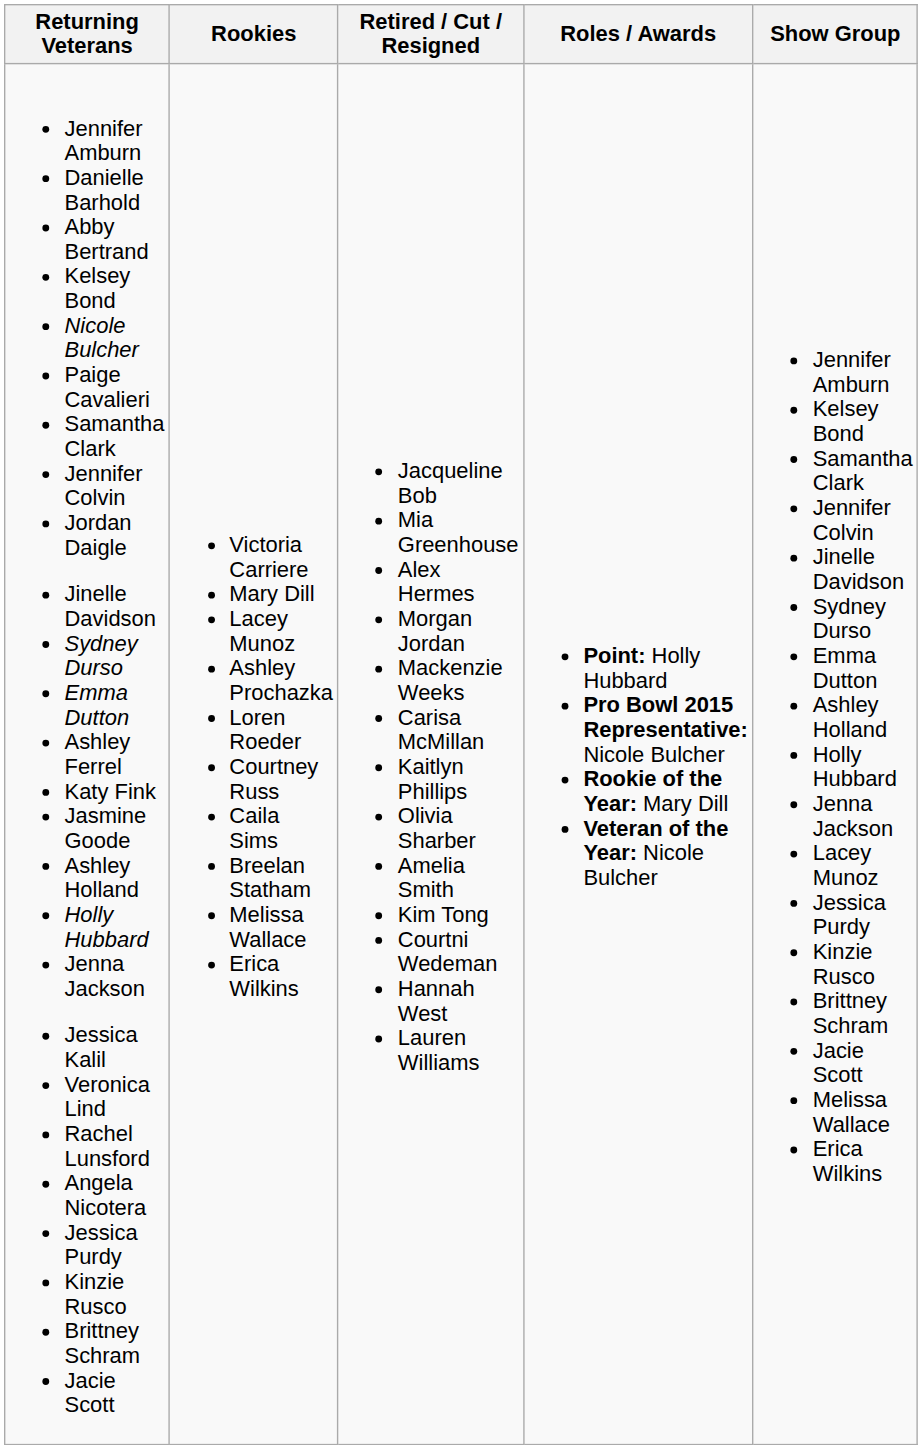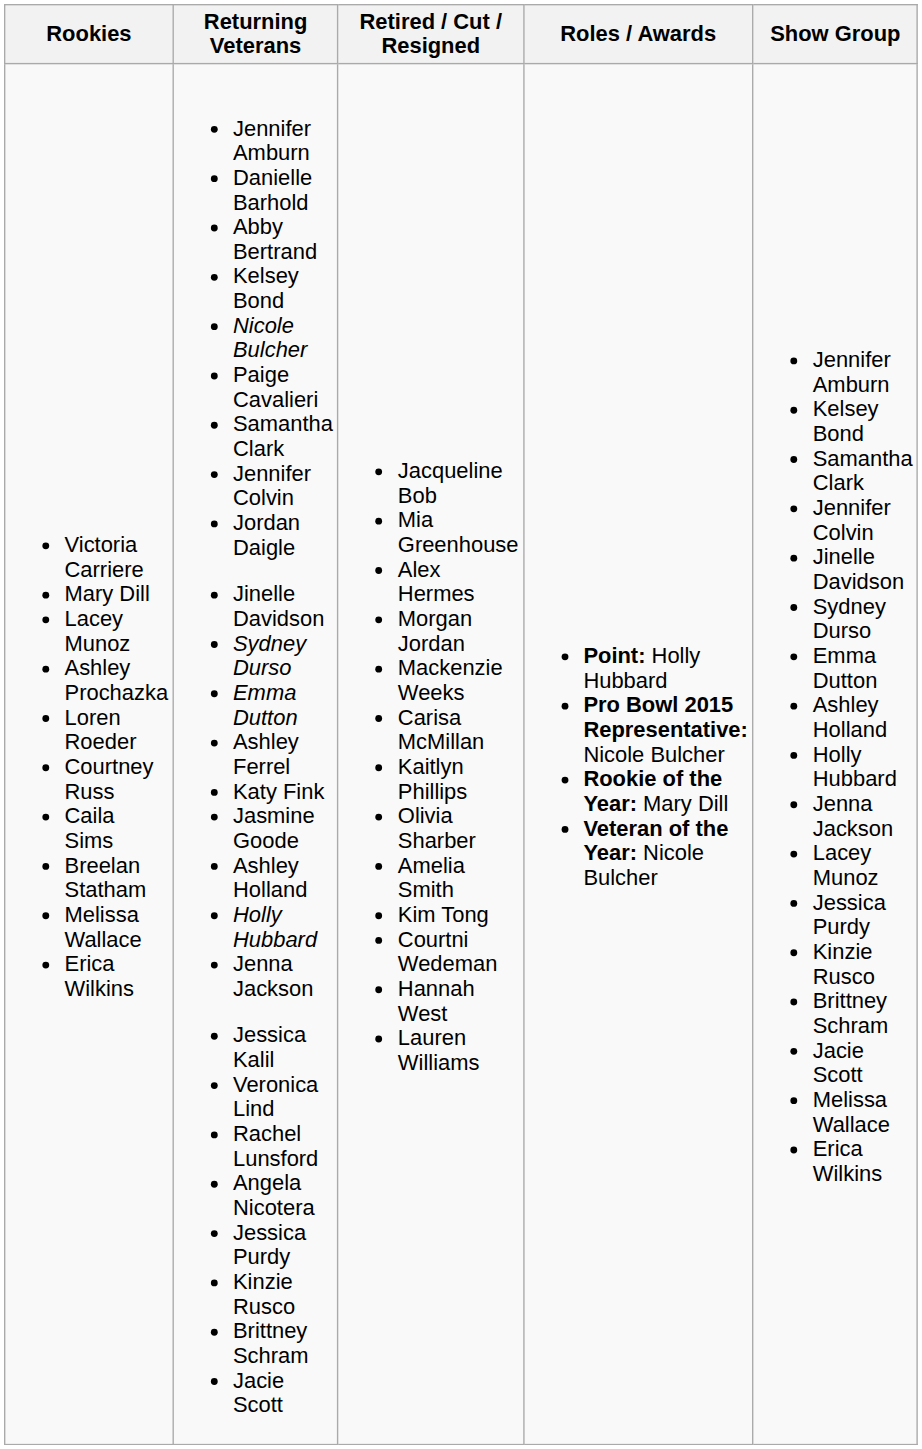 <table class="wikitable" style="width:100%;">
 <tr>
+<th>Rookies</th>
 <th>Returning Veterans</th>
-<th>Rookies</th>
 <th>Retired / Cut / Resigned</th>
 <th>Roles / Awards</th>
 <th>Show Group</th>
 </tr>
 <tr>
+<td><br><ul><li>Victoria Carriere</li><li>Mary Dill</li><li>Lacey Munoz</li><li>Ashley Prochazka</li><li>Loren Roeder</li><li>Courtney Russ</li><li>Caila Sims</li><li>Breelan Statham</li><li>Melissa Wallace</li><li>Erica Wilkins</li></ul></td>
 <td><br><ul><li>Jennifer Amburn</li><li>Danielle Barhold</li><li>Abby Bertrand</li><li>Kelsey Bond</li><li><em>Nicole Bulcher</em></li><li>Paige Cavalieri</li><li>Samantha Clark</li><li>Jennifer Colvin</li><li>Jordan Daigle</li></ul><ul><li>Jinelle Davidson</li><li><em>Sydney Durso</em></li><li><em>Emma Dutton</em></li><li>Ashley Ferrel</li><li>Katy Fink</li><li>Jasmine Goode</li><li>Ashley Holland</li><li><em>Holly Hubbard</em></li><li>Jenna Jackson</li></ul><ul><li>Jessica Kalil</li><li>Veronica Lind</li><li>Rachel Lunsford</li><li>Angela Nicotera</li><li>Jessica Purdy</li><li>Kinzie Rusco</li><li>Brittney Schram</li><li>Jacie Scott</li></ul></td>
-<td><br><ul><li>Victoria Carriere</li><li>Mary Dill</li><li>Lacey Munoz</li><li>Ashley Prochazka</li><li>Loren Roeder</li><li>Courtney Russ</li><li>Caila Sims</li><li>Breelan Statham</li><li>Melissa Wallace</li><li>Erica Wilkins</li></ul></td>
 <td><br><ul><li>Jacqueline Bob </li><li>Mia Greenhouse </li><li>Alex Hermes </li><li>Morgan Jordan </li><li>Mackenzie Weeks </li><li>Carisa McMillan </li><li>Kaitlyn Phillips </li><li>Olivia Sharber </li><li>Amelia Smith </li><li>Kim Tong </li><li>Courtni Wedeman </li><li>Hannah West </li><li>Lauren Williams </li></ul></td>
 <td><br><ul><li><strong>Point:</strong> Holly Hubbard</li><li><strong>Pro Bowl 2015 Representative:</strong> Nicole Bulcher</li><li><strong>Rookie of the Year:</strong> Mary Dill</li><li><strong>Veteran of the Year:</strong> Nicole Bulcher</li></ul></td>
 <td><br><ul><li>Jennifer Amburn</li><li>Kelsey Bond</li><li>Samantha Clark</li><li>Jennifer Colvin</li><li>Jinelle Davidson</li><li>Sydney Durso</li><li>Emma Dutton</li><li>Ashley Holland</li><li>Holly Hubbard</li><li>Jenna Jackson</li><li>Lacey Munoz</li><li>Jessica Purdy</li><li>Kinzie Rusco</li><li>Brittney Schram</li><li>Jacie Scott</li><li>Melissa Wallace</li><li>Erica Wilkins</li></ul></td>
 </tr>
 </table>
